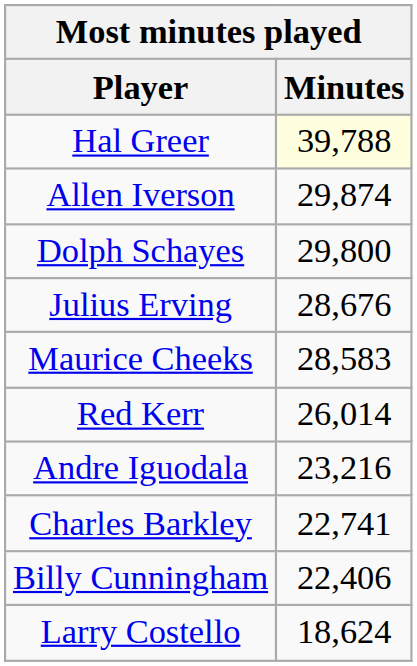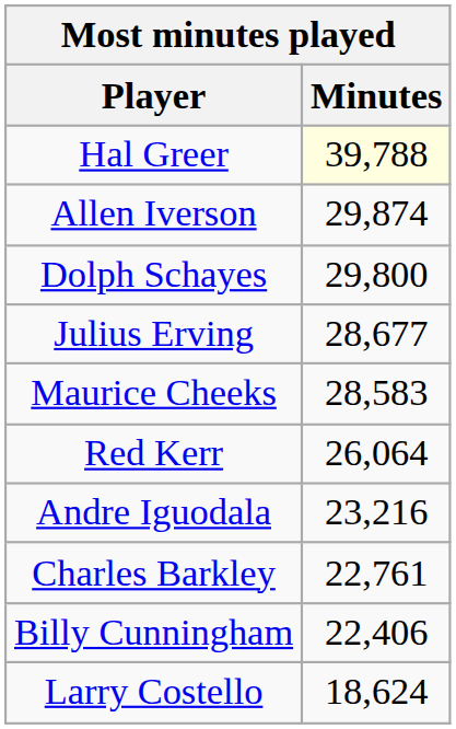 <table class="wikitable sortable" style="text-align:center">
 <tr>
 <th colspan="5" style="text-align:center; ">Most minutes played</th>
 </tr>
 <tr>
 <th style="text-align:center; ">Player</th>
 <th style="text-align:center; ">Minutes</th>
 </tr>
 <tr>
 <td><a href='#'>Hal Greer</a></td>
 <td style="background: lightyellow;">39,788</td>
 </tr>
 <tr>
 <td><a href='#'>Allen Iverson</a></td>
 <td>29,874</td>
 </tr>
 <tr>
 <td><a href='#'>Dolph Schayes</a></td>
 <td>29,800</td>
 </tr>
 <tr>
 <td><a href='#'>Julius Erving</a></td>
-<td>28,676</td>
+<td>28,677</td>
 </tr>
 <tr>
 <td><a href='#'>Maurice Cheeks</a></td>
 <td>28,583</td>
 </tr>
 <tr>
 <td><a href='#'>Red Kerr</a></td>
-<td>26,014</td>
+<td>26,064</td>
 </tr>
 <tr>
 <td><a href='#'>Andre Iguodala</a></td>
 <td>23,216</td>
 </tr>
 <tr>
 <td><a href='#'>Charles Barkley</a></td>
-<td>22,741</td>
+<td>22,761</td>
 </tr>
 <tr>
 <td><a href='#'>Billy Cunningham</a></td>
 <td>22,406</td>
 </tr>
 <tr>
 <td><a href='#'>Larry Costello</a></td>
 <td>18,624</td>
 </tr>
 </table>
